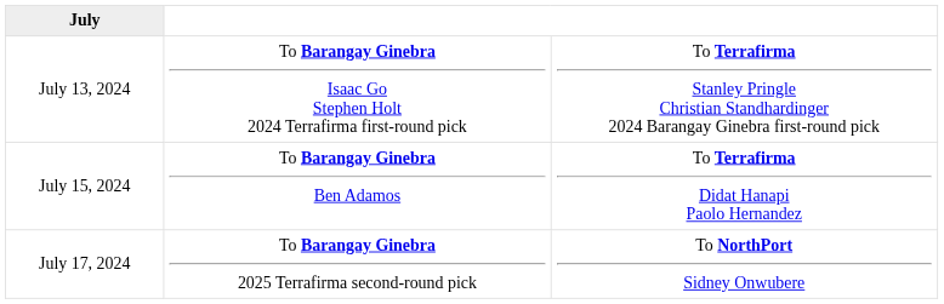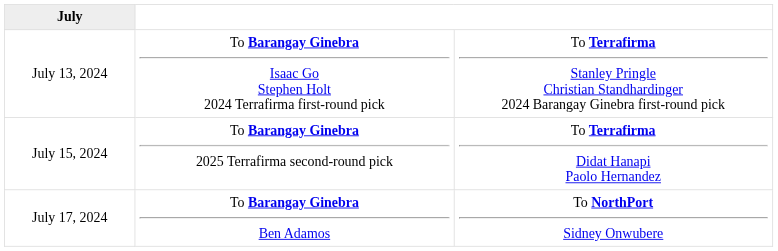 <table border=1 style="border-collapse:collapse; text-align: center; width: 100%" bordercolor="#DFDFDF"  cellpadding="5">
 <tr bgcolor="eeeeee">
 <th>July</th>
 </tr>
 <tr>
 <td style="width:12%">July 13, 2024</td>
 <td style="width:29.3%" valign="top">To <strong><a href='#'>Barangay Ginebra</a></strong><hr><a href='#'>Isaac Go</a><br><a href='#'>Stephen Holt</a><br>2024 Terrafirma first-round pick</td>
 <td style="width:29.3%" valign="top">To <strong><a href='#'>Terrafirma</a></strong><hr><a href='#'>Stanley Pringle</a><br><a href='#'>Christian Standhardinger</a><br>2024 Barangay Ginebra first-round pick</td>
 </tr>
 <tr>
 <td style="width:12%">July 15, 2024</td>
-<td style="width:29.3%" valign="top">To <strong><a href='#'>Barangay Ginebra</a></strong><hr><a href='#'>Ben Adamos</a></td>
+<td style="width:29.3%" valign="top">To <strong><a href='#'>Barangay Ginebra</a></strong><hr>2025 Terrafirma second-round pick</td>
 <td style="width:29.3%" valign="top">To <strong><a href='#'>Terrafirma</a></strong><hr><a href='#'>Didat Hanapi</a><br><a href='#'>Paolo Hernandez</a></td>
 </tr>
 <tr>
 <td style="width:12%">July 17, 2024</td>
-<td style="width:29.3%" valign="top">To <strong><a href='#'>Barangay Ginebra</a></strong><hr>2025 Terrafirma second-round pick</td>
+<td style="width:29.3%" valign="top">To <strong><a href='#'>Barangay Ginebra</a></strong><hr><a href='#'>Ben Adamos</a></td>
 <td style="width:29.3%" valign="top">To <strong><a href='#'>NorthPort</a></strong><hr><a href='#'>Sidney Onwubere</a></td>
 </tr>
 </table>
